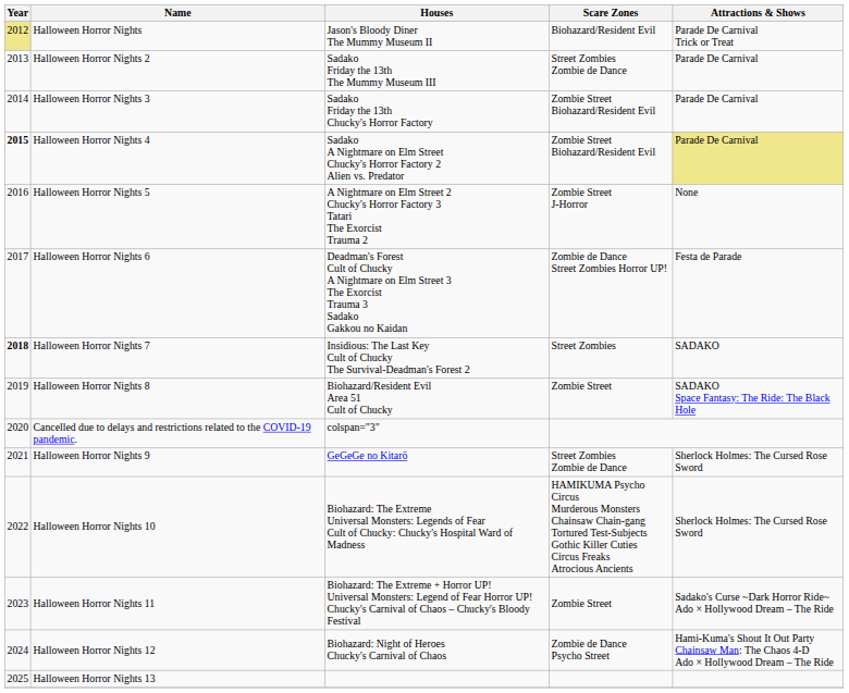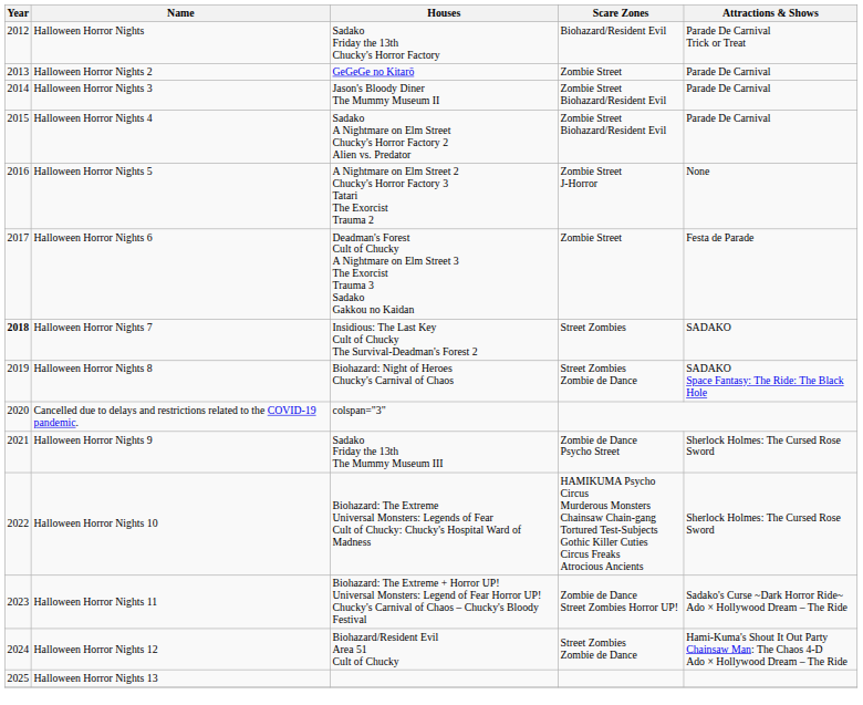 <table class="wikitable collapsible collapsed" style="width:100%">
 <tr>
 <th>Year</th>
 <th>Name</th>
 <th>Houses</th>
 <th>Scare Zones</th>
 <th>Attractions & Shows</th>
 </tr>
 <tr valign="top">
-<td style="background: khaki;">2012</td>
+<td>2012</td>
 <td>Halloween Horror Nights</td>
-<td>Jason's Bloody Diner<br>The Mummy Museum II</td>
+<td>Sadako<br>Friday the 13th<br>Chucky's Horror Factory</td>
 <td>Biohazard/Resident Evil</td>
 <td>Parade De Carnival<br>Trick or Treat</td>
 </tr>
 <tr valign="top">
 <td>2013</td>
 <td>Halloween Horror Nights 2</td>
-<td>Sadako<br>Friday the 13th<br>The Mummy Museum III</td>
-<td>Street Zombies <br> Zombie de Dance</td>
+<td><a href='#'>GeGeGe no Kitarō</a></td>
+<td>Zombie Street</td>
 <td>Parade De Carnival</td>
 </tr>
 <tr valign="top">
 <td>2014</td>
 <td>Halloween Horror Nights 3</td>
-<td>Sadako<br>Friday the 13th<br>Chucky's Horror Factory</td>
+<td>Jason's Bloody Diner<br>The Mummy Museum II</td>
 <td>Zombie Street<br>Biohazard/Resident Evil</td>
 <td>Parade De Carnival</td>
 </tr>
 <tr valign="top">
-<td><strong>2015</strong></td>
+<td>2015</td>
 <td>Halloween Horror Nights 4</td>
 <td>Sadako<br>A Nightmare on Elm Street<br>Chucky's Horror Factory 2<br>Alien vs. Predator</td>
 <td>Zombie Street<br>Biohazard/Resident Evil</td>
-<td style="background: khaki;">Parade De Carnival</td>
+<td>Parade De Carnival</td>
 </tr>
 <tr valign="top">
 <td>2016</td>
 <td>Halloween Horror Nights 5</td>
 <td>A Nightmare on Elm Street 2<br>Chucky's Horror Factory 3<br>Tatari<br>The Exorcist<br>Trauma 2</td>
 <td>Zombie Street<br>J-Horror</td>
 <td>None</td>
 </tr>
 <tr valign="top">
 <td>2017</td>
 <td>Halloween Horror Nights 6</td>
 <td>Deadman's Forest<br>Cult of Chucky<br>A Nightmare on Elm Street 3<br>The Exorcist<br>Trauma 3<br>Sadako<br>Gakkou no Kaidan</td>
-<td>Zombie de Dance<br>Street Zombies Horror UP!</td>
+<td>Zombie Street</td>
 <td>Festa de Parade</td>
 </tr>
 <tr valign="top">
 <td><strong>2018</strong></td>
 <td>Halloween Horror Nights 7</td>
 <td>Insidious: The Last Key<br>Cult of Chucky<br>The Survival-Deadman's Forest 2</td>
 <td>Street Zombies</td>
 <td>SADAKO</td>
 </tr>
 <tr valign="top">
 <td>2019</td>
 <td>Halloween Horror Nights 8</td>
-<td>Biohazard/Resident Evil<br>Area 51<br>Cult of Chucky</td>
-<td>Zombie Street</td>
+<td>Biohazard: Night of Heroes<br>Chucky's Carnival of Chaos</td>
+<td>Street Zombies <br> Zombie de Dance</td>
 <td>SADAKO <br> <a href='#'>Space Fantasy: The Ride: The Black Hole</a></td>
 </tr>
 <tr valign="top">
 <td>2020</td>
 <td>Cancelled due to delays and restrictions related to the <a href='#'>COVID-19 pandemic</a>.</td>
 <td>colspan="3" </td>
 </tr>
 <tr valign="top">
 <td>2021</td>
 <td>Halloween Horror Nights 9</td>
-<td><a href='#'>GeGeGe no Kitarō</a></td>
-<td>Street Zombies<br>Zombie de Dance</td>
+<td>Sadako<br>Friday the 13th<br>The Mummy Museum III</td>
+<td>Zombie de Dance <br>Psycho Street</td>
 <td>Sherlock Holmes: The Cursed Rose Sword</td>
 </tr>
 <tr>
 <td>2022</td>
 <td>Halloween Horror Nights 10</td>
 <td>Biohazard: The Extreme <br> Universal Monsters: Legends of Fear <br> Cult of Chucky: Chucky's Hospital Ward of Madness</td>
 <td>HAMIKUMA Psycho Circus <br> Murderous Monsters <br> Chainsaw Chain-gang <br> Tortured Test-Subjects <br> Gothic Killer Cuties <br> Circus Freaks <br> Atrocious Ancients</td>
 <td>Sherlock Holmes: The Cursed Rose Sword</td>
 </tr>
 <tr>
 <td>2023</td>
 <td>Halloween Horror Nights 11</td>
 <td>Biohazard: The Extreme + Horror UP!<br>Universal Monsters: Legend of Fear Horror UP!<br>Chucky's Carnival of Chaos – Chucky's Bloody Festival</td>
-<td>Zombie Street</td>
+<td>Zombie de Dance<br>Street Zombies Horror UP!</td>
 <td>Sadako's Curse ~Dark Horror Ride~ <br>Ado × Hollywood Dream – The Ride</td>
 </tr>
 <tr>
 <td>2024</td>
 <td>Halloween Horror Nights 12</td>
-<td>Biohazard: Night of Heroes<br>Chucky's Carnival of Chaos</td>
-<td>Zombie de Dance <br>Psycho Street</td>
+<td>Biohazard/Resident Evil<br>Area 51<br>Cult of Chucky</td>
+<td>Street Zombies<br>Zombie de Dance</td>
 <td>Hami-Kuma's Shout It Out Party<br><a href='#'>Chainsaw Man</a>: The Chaos 4-D <br>Ado × Hollywood Dream – The Ride</td>
 </tr>
 <tr>
 <td>2025</td>
 <td>Halloween Horror Nights 13</td>
 <td></td>
 <td></td>
 <td></td>
 </tr>
 <tr>
 </tr>
 </table>
